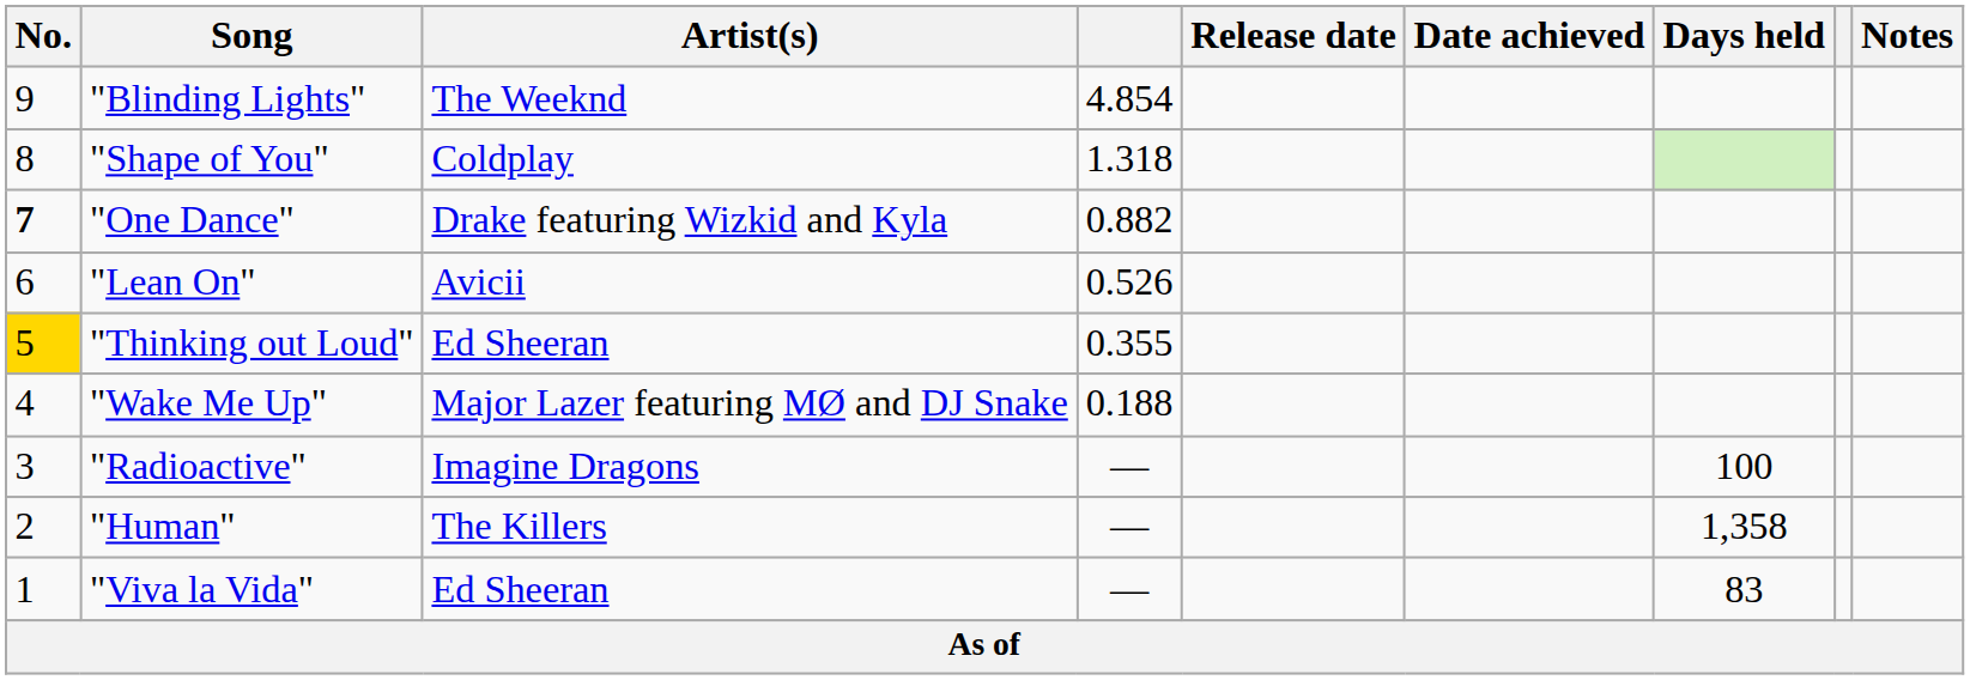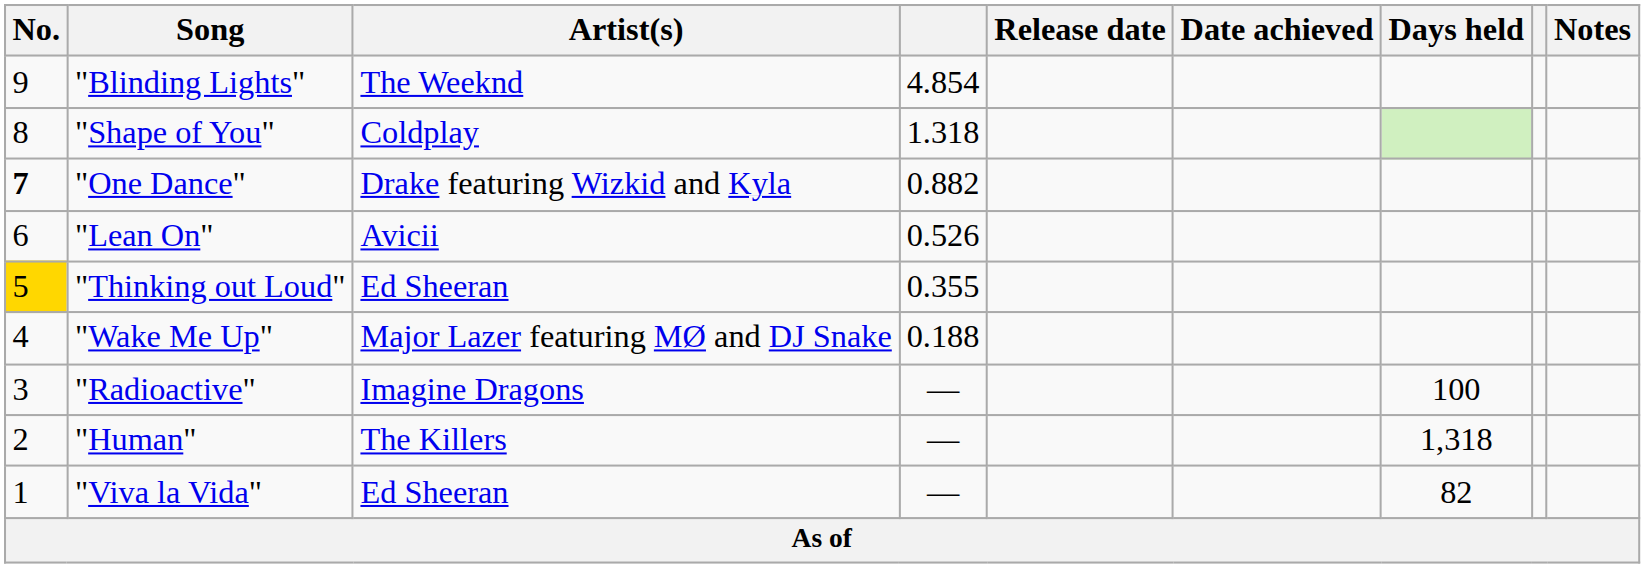 <table class="wikitable sortable">
 <tr>
 <th>No.</th>
 <th>Song</th>
 <th>Artist(s)</th>
 <th></th>
 <th>Release date</th>
 <th>Date achieved</th>
 <th>Days held</th>
 <th class="unsortable"></th>
 <th class="unsortable">Notes</th>
 </tr>
 <tr>
 <td>9</td>
 <td>"<a href='#'>Blinding Lights</a>"</td>
 <td><a href='#'>The Weeknd</a></td>
 <td align=center>4.854</td>
 <td style="text-align:right;"></td>
 <td style="text-align:right;"></td>
 <td style="text-align:center;"></td>
 <td align=center></td>
 <td></td>
 </tr>
 <tr>
 <td>8</td>
 <td>"<a href='#'>Shape of You</a>"</td>
 <td><a href='#'>Coldplay</a></td>
 <td align=center>1.318</td>
 <td style="text-align:right;"></td>
 <td style="text-align:right;"></td>
 <td style="background:#d0f0c0; text-align:center;"><strong></strong></td>
 <td align=center></td>
 <td></td>
 </tr>
 <tr>
 <td><strong>7</strong></td>
 <td>"<a href='#'>One Dance</a>"</td>
 <td><a href='#'>Drake</a> featuring <a href='#'>Wizkid</a> and <a href='#'>Kyla</a></td>
 <td align=center>0.882</td>
 <td align=right></td>
 <td style="text-align:right;"></td>
 <td style="text-align:center;"></td>
 <td align=center></td>
 <td></td>
 </tr>
 <tr>
 <td>6</td>
 <td>"<a href='#'>Lean On</a>"</td>
 <td><a href='#'>Avicii</a></td>
 <td align="center">0.526</td>
 <td align=right></td>
 <td style="text-align:right;"></td>
 <td style="text-align:center;"></td>
 <td align=center></td>
 <td></td>
 </tr>
 <tr>
 <td style="background: gold;">5</td>
 <td>"<a href='#'>Thinking out Loud</a>"</td>
 <td><a href='#'>Ed Sheeran</a></td>
 <td align=center>0.355</td>
 <td align=right></td>
 <td style="text-align:right;"></td>
 <td style="text-align:center;"></td>
 <td align=center></td>
 <td></td>
 </tr>
 <tr>
 <td>4</td>
 <td>"<a href='#'>Wake Me Up</a>"</td>
 <td><a href='#'>Major Lazer</a> featuring <a href='#'>MØ</a> and <a href='#'>DJ Snake</a></td>
 <td align=center>0.188</td>
 <td align="right"></td>
 <td style="text-align:right;"></td>
 <td style="text-align:center;"></td>
 <td align=center></td>
 <td align=center></td>
 </tr>
 <tr>
 <td>3</td>
 <td>"<a href='#'>Radioactive</a>"</td>
 <td><a href='#'>Imagine Dragons</a></td>
 <td align=center>—</td>
 <td align="right"></td>
 <td style="text-align:right;"></td>
 <td style="text-align:center;">100</td>
 <td style="text-align:center;"></td>
 <td align=center></td>
 </tr>
 <tr>
 <td>2</td>
 <td>"<a href='#'>Human</a>"</td>
 <td><a href='#'>The Killers</a></td>
 <td align=center>—</td>
 <td align=right></td>
 <td style="text-align:right;"></td>
-<td style="text-align:center;">1,358</td>
+<td style="text-align:center;">1,318</td>
 <td align=center></td>
 <td align=center></td>
 </tr>
 <tr>
 <td>1</td>
 <td>"<a href='#'>Viva la Vida</a>"</td>
 <td><a href='#'>Ed Sheeran</a></td>
 <td align=center>—</td>
 <td align="right"></td>
 <td style="text-align:right;"></td>
-<td style="text-align:center;">83</td>
+<td style="text-align:center;">82</td>
 <td align=center></td>
 <td align=center></td>
 </tr>
 <tr>
 <th colspan="9" style="text-align:center; font-size:85%;"> As of   </th>
 </tr>
 </table>
